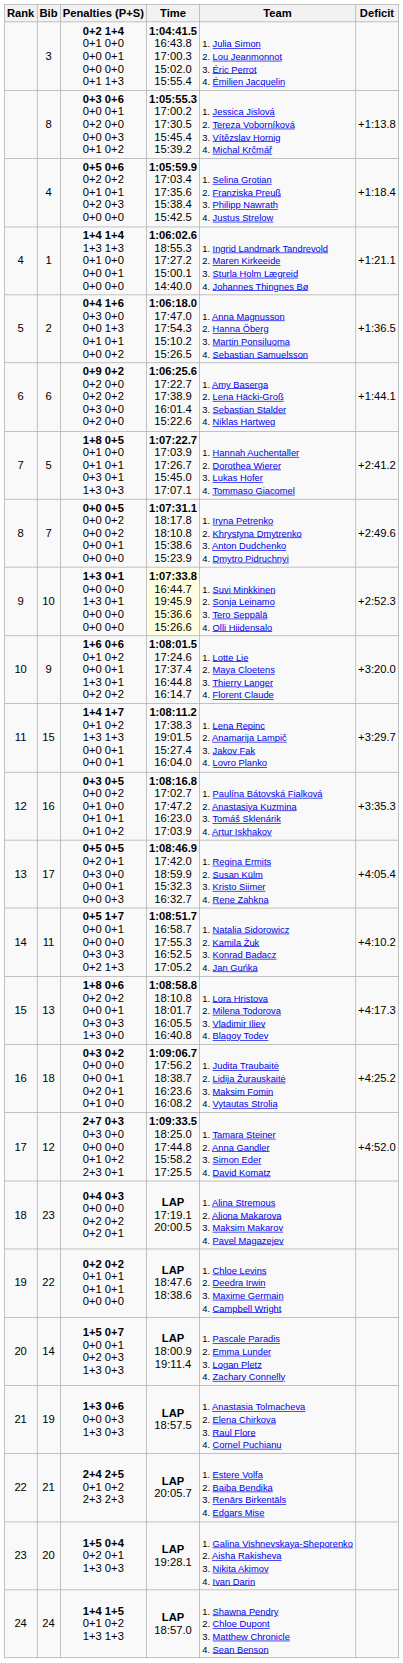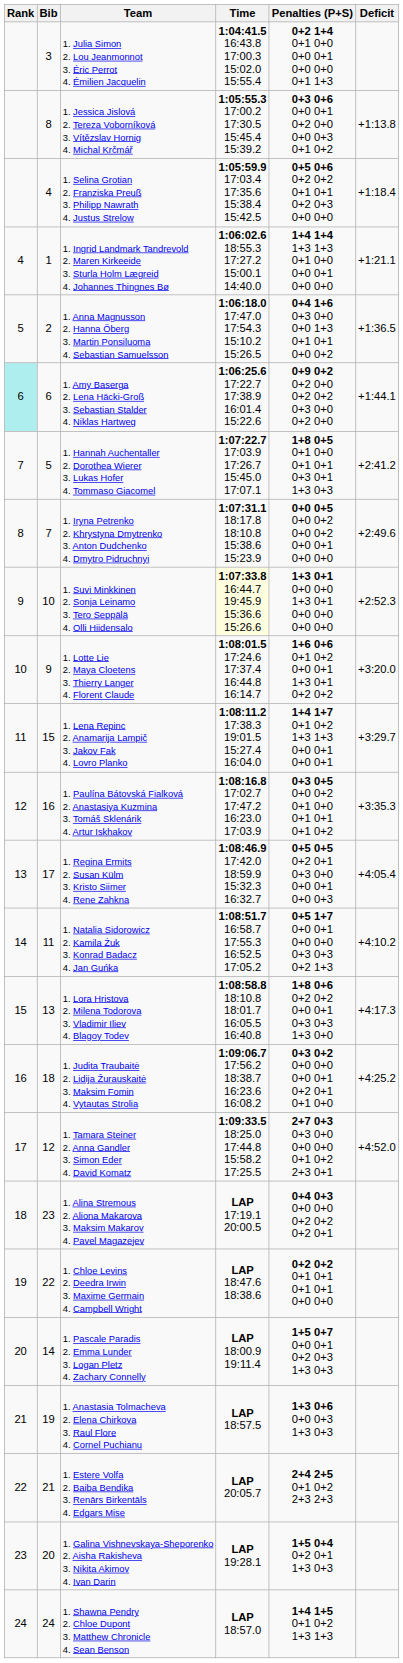 <table class="wikitable sortable" style="text-align:center">
 <tr>
 <th>Rank</th>
 <th>Bib</th>
+<th>Team</th>
+<th>Time</th>
 <th>Penalties (P+S)</th>
-<th>Time</th>
-<th>Team</th>
 <th>Deficit</th>
 </tr>
 <tr>
 <td></td>
 <td>3</td>
+<td align=left><br><small>1. <a href='#'>Julia Simon</a><br>2. <a href='#'>Lou Jeanmonnot</a><br>3. <a href='#'>Éric Perrot</a><br>4. <a href='#'>Émilien Jacquelin</a></small></td>
+<td><strong>1:04:41.5</strong><br>16:43.8<br>17:00.3<br>15:02.0<br>15:55.4</td>
 <td><strong>0+2 1+4</strong><br>0+1 0+0<br>0+0 0+1<br>0+0 0+0<br>0+1 1+3</td>
-<td><strong>1:04:41.5</strong><br>16:43.8<br>17:00.3<br>15:02.0<br>15:55.4</td>
-<td align=left><br><small>1. <a href='#'>Julia Simon</a><br>2. <a href='#'>Lou Jeanmonnot</a><br>3. <a href='#'>Éric Perrot</a><br>4. <a href='#'>Émilien Jacquelin</a></small></td>
 <td></td>
 </tr>
 <tr>
 <td></td>
 <td>8</td>
+<td align=left><br><small>1. <a href='#'>Jessica Jislová</a><br>2. <a href='#'>Tereza Voborníková</a><br>3. <a href='#'>Vítězslav Hornig</a><br>4. <a href='#'>Michal Krčmář</a></small></td>
+<td><strong>1:05:55.3</strong><br>17:00.2<br>17:30.5<br>15:45.4<br>15:39.2</td>
 <td><strong>0+3 0+6</strong><br>0+0 0+1<br>0+2 0+0<br>0+0 0+3<br>0+1 0+2</td>
-<td><strong>1:05:55.3</strong><br>17:00.2<br>17:30.5<br>15:45.4<br>15:39.2</td>
-<td align=left><br><small>1. <a href='#'>Jessica Jislová</a><br>2. <a href='#'>Tereza Voborníková</a><br>3. <a href='#'>Vítězslav Hornig</a><br>4. <a href='#'>Michal Krčmář</a></small></td>
 <td>+1:13.8</td>
 </tr>
 <tr>
 <td></td>
 <td>4</td>
+<td align=left><br><small>1. <a href='#'>Selina Grotian</a><br>2. <a href='#'>Franziska Preuß</a><br>3. <a href='#'>Philipp Nawrath</a><br>4. <a href='#'>Justus Strelow</a></small></td>
+<td><strong>1:05:59.9</strong><br>17:03.4<br>17:35.6<br>15:38.4<br>15:42.5</td>
 <td><strong>0+5 0+6</strong><br>0+2 0+2<br>0+1 0+1<br>0+2 0+3<br>0+0 0+0</td>
-<td><strong>1:05:59.9</strong><br>17:03.4<br>17:35.6<br>15:38.4<br>15:42.5</td>
-<td align=left><br><small>1. <a href='#'>Selina Grotian</a><br>2. <a href='#'>Franziska Preuß</a><br>3. <a href='#'>Philipp Nawrath</a><br>4. <a href='#'>Justus Strelow</a></small></td>
 <td>+1:18.4</td>
 </tr>
 <tr>
 <td>4</td>
 <td>1</td>
+<td align=left><br><small>1. <a href='#'>Ingrid Landmark Tandrevold</a><br>2. <a href='#'>Maren Kirkeeide</a><br>3. <a href='#'>Sturla Holm Lægreid</a><br>4. <a href='#'>Johannes Thingnes Bø</a></small></td>
+<td><strong>1:06:02.6</strong><br>18:55.3<br>17:27.2<br>15:00.1<br>14:40.0</td>
 <td><strong>1+4 1+4</strong><br>1+3 1+3<br>0+1 0+0<br>0+0 0+1<br>0+0 0+0</td>
-<td><strong>1:06:02.6</strong><br>18:55.3<br>17:27.2<br>15:00.1<br>14:40.0</td>
-<td align=left><br><small>1. <a href='#'>Ingrid Landmark Tandrevold</a><br>2. <a href='#'>Maren Kirkeeide</a><br>3. <a href='#'>Sturla Holm Lægreid</a><br>4. <a href='#'>Johannes Thingnes Bø</a></small></td>
 <td>+1:21.1</td>
 </tr>
 <tr>
 <td>5</td>
 <td>2</td>
+<td align=left><br><small>1. <a href='#'>Anna Magnusson</a><br>2. <a href='#'>Hanna Öberg</a><br>3. <a href='#'>Martin Ponsiluoma</a><br>4. <a href='#'>Sebastian Samuelsson</a></small></td>
+<td><strong>1:06:18.0</strong><br>17:47.0<br>17:54.3<br>15:10.2<br>15:26.5</td>
 <td><strong>0+4 1+6</strong><br>0+3 0+0<br>0+0 1+3<br>0+1 0+1<br>0+0 0+2</td>
-<td><strong>1:06:18.0</strong><br>17:47.0<br>17:54.3<br>15:10.2<br>15:26.5</td>
-<td align=left><br><small>1. <a href='#'>Anna Magnusson</a><br>2. <a href='#'>Hanna Öberg</a><br>3. <a href='#'>Martin Ponsiluoma</a><br>4. <a href='#'>Sebastian Samuelsson</a></small></td>
 <td>+1:36.5</td>
 </tr>
 <tr>
+<td style="background: paleturquoise;">6</td>
 <td>6</td>
-<td>6</td>
+<td align=left><br><small>1. <a href='#'>Amy Baserga</a><br>2. <a href='#'>Lena Häcki-Groß</a><br>3. <a href='#'>Sebastian Stalder</a><br>4. <a href='#'>Niklas Hartweg</a></small></td>
+<td><strong>1:06:25.6</strong><br>17:22.7<br>17:38.9<br>16:01.4<br>15:22.6</td>
 <td><strong>0+9 0+2</strong><br>0+2 0+0<br>0+2 0+2<br>0+3 0+0<br>0+2 0+0</td>
-<td><strong>1:06:25.6</strong><br>17:22.7<br>17:38.9<br>16:01.4<br>15:22.6</td>
-<td align=left><br><small>1. <a href='#'>Amy Baserga</a><br>2. <a href='#'>Lena Häcki-Groß</a><br>3. <a href='#'>Sebastian Stalder</a><br>4. <a href='#'>Niklas Hartweg</a></small></td>
 <td>+1:44.1</td>
 </tr>
 <tr>
 <td>7</td>
 <td>5</td>
+<td align=left><br><small>1. <a href='#'>Hannah Auchentaller</a><br>2. <a href='#'>Dorothea Wierer</a><br>3. <a href='#'>Lukas Hofer</a><br>4. <a href='#'>Tommaso Giacomel</a></small></td>
+<td><strong>1:07:22.7</strong><br>17:03.9<br>17:26.7<br>15:45.0<br>17:07.1</td>
 <td><strong>1+8 0+5</strong><br>0+1 0+0<br>0+1 0+1<br>0+3 0+1<br>1+3 0+3</td>
-<td><strong>1:07:22.7</strong><br>17:03.9<br>17:26.7<br>15:45.0<br>17:07.1</td>
-<td align=left><br><small>1. <a href='#'>Hannah Auchentaller</a><br>2. <a href='#'>Dorothea Wierer</a><br>3. <a href='#'>Lukas Hofer</a><br>4. <a href='#'>Tommaso Giacomel</a></small></td>
 <td>+2:41.2</td>
 </tr>
 <tr>
 <td>8</td>
 <td>7</td>
+<td align=left><br><small>1. <a href='#'>Iryna Petrenko</a><br>2. <a href='#'>Khrystyna Dmytrenko</a><br>3. <a href='#'>Anton Dudchenko</a><br>4. <a href='#'>Dmytro Pidruchnyi</a></small></td>
+<td><strong>1:07:31.1</strong><br>18:17.8<br>18:10.8<br>15:38.6<br>15:23.9</td>
 <td><strong>0+0 0+5</strong><br>0+0 0+2<br>0+0 0+2<br>0+0 0+1<br>0+0 0+0</td>
-<td><strong>1:07:31.1</strong><br>18:17.8<br>18:10.8<br>15:38.6<br>15:23.9</td>
-<td align=left><br><small>1. <a href='#'>Iryna Petrenko</a><br>2. <a href='#'>Khrystyna Dmytrenko</a><br>3. <a href='#'>Anton Dudchenko</a><br>4. <a href='#'>Dmytro Pidruchnyi</a></small></td>
 <td>+2:49.6</td>
 </tr>
 <tr>
 <td>9</td>
 <td>10</td>
+<td align=left><br><small>1. <a href='#'>Suvi Minkkinen</a><br>2. <a href='#'>Sonja Leinamo</a><br>3. <a href='#'>Tero Seppälä</a><br>4. <a href='#'>Olli Hiidensalo</a></small></td>
+<td style="background: lightyellow;"><strong>1:07:33.8</strong><br>16:44.7<br>19:45.9<br>15:36.6<br>15:26.6</td>
 <td><strong>1+3 0+1</strong><br>0+0 0+0<br>1+3 0+1<br>0+0 0+0<br>0+0 0+0</td>
-<td style="background: lightyellow;"><strong>1:07:33.8</strong><br>16:44.7<br>19:45.9<br>15:36.6<br>15:26.6</td>
-<td align=left><br><small>1. <a href='#'>Suvi Minkkinen</a><br>2. <a href='#'>Sonja Leinamo</a><br>3. <a href='#'>Tero Seppälä</a><br>4. <a href='#'>Olli Hiidensalo</a></small></td>
 <td>+2:52.3</td>
 </tr>
 <tr>
 <td>10</td>
 <td>9</td>
+<td align=left><br><small>1. <a href='#'>Lotte Lie</a><br>2. <a href='#'>Maya Cloetens</a><br>3. <a href='#'>Thierry Langer</a><br>4. <a href='#'>Florent Claude</a></small></td>
+<td><strong>1:08:01.5</strong><br>17:24.6<br>17:37.4<br>16:44.8<br>16:14.7</td>
 <td><strong>1+6 0+6</strong><br>0+1 0+2<br>0+0 0+1<br>1+3 0+1<br>0+2 0+2</td>
-<td><strong>1:08:01.5</strong><br>17:24.6<br>17:37.4<br>16:44.8<br>16:14.7</td>
-<td align=left><br><small>1. <a href='#'>Lotte Lie</a><br>2. <a href='#'>Maya Cloetens</a><br>3. <a href='#'>Thierry Langer</a><br>4. <a href='#'>Florent Claude</a></small></td>
 <td>+3:20.0</td>
 </tr>
 <tr>
 <td>11</td>
 <td>15</td>
+<td align=left><br><small>1. <a href='#'>Lena Repinc</a><br>2. <a href='#'>Anamarija Lampič</a><br>3. <a href='#'>Jakov Fak</a><br>4. <a href='#'>Lovro Planko</a></small></td>
+<td><strong>1:08:11.2</strong><br>17:38.3<br>19:01.5<br>15:27.4<br>16:04.0</td>
 <td><strong>1+4 1+7</strong><br>0+1 0+2<br>1+3 1+3<br>0+0 0+1<br>0+0 0+1</td>
-<td><strong>1:08:11.2</strong><br>17:38.3<br>19:01.5<br>15:27.4<br>16:04.0</td>
-<td align=left><br><small>1. <a href='#'>Lena Repinc</a><br>2. <a href='#'>Anamarija Lampič</a><br>3. <a href='#'>Jakov Fak</a><br>4. <a href='#'>Lovro Planko</a></small></td>
 <td>+3:29.7</td>
 </tr>
 <tr>
 <td>12</td>
 <td>16</td>
+<td align=left><br><small>1. <a href='#'>Paulína Bátovská Fialková</a><br>2. <a href='#'>Anastasiya Kuzmina</a><br>3. <a href='#'>Tomáš Sklenárik</a><br>4. <a href='#'>Artur Iskhakov</a></small></td>
+<td><strong>1:08:16.8</strong><br>17:02.7<br>17:47.2<br>16:23.0<br>17:03.9</td>
 <td><strong>0+3 0+5</strong><br>0+0 0+2<br>0+1 0+0<br>0+1 0+1<br>0+1 0+2</td>
-<td><strong>1:08:16.8</strong><br>17:02.7<br>17:47.2<br>16:23.0<br>17:03.9</td>
-<td align=left><br><small>1. <a href='#'>Paulína Bátovská Fialková</a><br>2. <a href='#'>Anastasiya Kuzmina</a><br>3. <a href='#'>Tomáš Sklenárik</a><br>4. <a href='#'>Artur Iskhakov</a></small></td>
 <td>+3:35.3</td>
 </tr>
 <tr>
 <td>13</td>
 <td>17</td>
+<td align=left><br><small>1. <a href='#'>Regina Ermits</a><br>2. <a href='#'>Susan Külm</a><br>3. <a href='#'>Kristo Siimer</a><br>4. <a href='#'>Rene Zahkna</a></small></td>
+<td><strong>1:08:46.9</strong><br>17:42.0<br>18:59.9<br>15:32.3<br>16:32.7</td>
 <td><strong>0+5 0+5</strong><br>0+2 0+1<br>0+3 0+0<br>0+0 0+1<br>0+0 0+3</td>
-<td><strong>1:08:46.9</strong><br>17:42.0<br>18:59.9<br>15:32.3<br>16:32.7</td>
-<td align=left><br><small>1. <a href='#'>Regina Ermits</a><br>2. <a href='#'>Susan Külm</a><br>3. <a href='#'>Kristo Siimer</a><br>4. <a href='#'>Rene Zahkna</a></small></td>
 <td>+4:05.4</td>
 </tr>
 <tr>
 <td>14</td>
 <td>11</td>
+<td align=left><br><small>1. <a href='#'>Natalia Sidorowicz</a><br>2. <a href='#'>Kamila Żuk</a><br>3. <a href='#'>Konrad Badacz</a><br>4. <a href='#'>Jan Guńka</a></small></td>
+<td><strong>1:08:51.7</strong><br>16:58.7<br>17:55.3<br>16:52.5<br>17:05.2</td>
 <td><strong>0+5 1+7</strong><br>0+0 0+1<br>0+0 0+0<br>0+3 0+3<br>0+2 1+3</td>
-<td><strong>1:08:51.7</strong><br>16:58.7<br>17:55.3<br>16:52.5<br>17:05.2</td>
-<td align=left><br><small>1. <a href='#'>Natalia Sidorowicz</a><br>2. <a href='#'>Kamila Żuk</a><br>3. <a href='#'>Konrad Badacz</a><br>4. <a href='#'>Jan Guńka</a></small></td>
 <td>+4:10.2</td>
 </tr>
 <tr>
 <td>15</td>
 <td>13</td>
+<td align=left><br><small>1. <a href='#'>Lora Hristova</a><br>2. <a href='#'>Milena Todorova</a><br>3. <a href='#'>Vladimir Iliev</a><br>4. <a href='#'>Blagoy Todev</a></small></td>
+<td><strong>1:08:58.8</strong><br>18:10.8<br>18:01.7<br>16:05.5<br>16:40.8</td>
 <td><strong>1+8 0+6</strong><br>0+2 0+2<br>0+0 0+1<br>0+3 0+3<br>1+3 0+0</td>
-<td><strong>1:08:58.8</strong><br>18:10.8<br>18:01.7<br>16:05.5<br>16:40.8</td>
-<td align=left><br><small>1. <a href='#'>Lora Hristova</a><br>2. <a href='#'>Milena Todorova</a><br>3. <a href='#'>Vladimir Iliev</a><br>4. <a href='#'>Blagoy Todev</a></small></td>
 <td>+4:17.3</td>
 </tr>
 <tr>
 <td>16</td>
 <td>18</td>
+<td align=left><br><small>1. <a href='#'>Judita Traubaitė</a><br>2. <a href='#'>Lidija Žurauskaitė</a><br>3. <a href='#'>Maksim Fomin</a><br>4. <a href='#'>Vytautas Strolia</a></small></td>
+<td><strong>1:09:06.7</strong><br>17:56.2<br>18:38.7<br>16:23.6<br>16:08.2</td>
 <td><strong>0+3 0+2</strong><br>0+0 0+0<br>0+0 0+1<br>0+2 0+1<br>0+1 0+0</td>
-<td><strong>1:09:06.7</strong><br>17:56.2<br>18:38.7<br>16:23.6<br>16:08.2</td>
-<td align=left><br><small>1. <a href='#'>Judita Traubaitė</a><br>2. <a href='#'>Lidija Žurauskaitė</a><br>3. <a href='#'>Maksim Fomin</a><br>4. <a href='#'>Vytautas Strolia</a></small></td>
 <td>+4:25.2</td>
 </tr>
 <tr>
 <td>17</td>
 <td>12</td>
+<td align=left><br><small>1. <a href='#'>Tamara Steiner</a><br>2. <a href='#'>Anna Gandler</a><br>3. <a href='#'>Simon Eder</a><br>4. <a href='#'>David Komatz</a></small></td>
+<td><strong>1:09:33.5</strong><br>18:25.0<br>17:44.8<br>15:58.2<br>17:25.5</td>
 <td><strong>2+7 0+3</strong><br>0+3 0+0<br>0+0 0+0<br>0+1 0+2<br>2+3 0+1</td>
-<td><strong>1:09:33.5</strong><br>18:25.0<br>17:44.8<br>15:58.2<br>17:25.5</td>
-<td align=left><br><small>1. <a href='#'>Tamara Steiner</a><br>2. <a href='#'>Anna Gandler</a><br>3. <a href='#'>Simon Eder</a><br>4. <a href='#'>David Komatz</a></small></td>
 <td>+4:52.0</td>
 </tr>
 <tr>
 <td>18</td>
 <td>23</td>
+<td align=left><br><small>1. <a href='#'>Alina Stremous</a><br>2. <a href='#'>Aliona Makarova</a><br>3. <a href='#'>Maksim Makarov</a><br>4. <a href='#'>Pavel Magazejev</a></small></td>
+<td><strong>LAP</strong><br>17:19.1<br>20:00.5</td>
 <td><strong>0+4 0+3</strong><br>0+0 0+0<br>0+2 0+2<br>0+2 0+1</td>
-<td><strong>LAP</strong><br>17:19.1<br>20:00.5</td>
-<td align=left><br><small>1. <a href='#'>Alina Stremous</a><br>2. <a href='#'>Aliona Makarova</a><br>3. <a href='#'>Maksim Makarov</a><br>4. <a href='#'>Pavel Magazejev</a></small></td>
 <td></td>
 </tr>
 <tr>
 <td>19</td>
 <td>22</td>
+<td align=left><br><small>1. <a href='#'>Chloe Levins</a><br>2. <a href='#'>Deedra Irwin</a><br>3. <a href='#'>Maxime Germain</a><br>4. <a href='#'>Campbell Wright</a></small></td>
+<td><strong>LAP</strong><br>18:47.6<br>18:38.6</td>
 <td><strong>0+2 0+2</strong><br>0+1 0+1<br>0+1 0+1<br>0+0 0+0</td>
-<td><strong>LAP</strong><br>18:47.6<br>18:38.6</td>
-<td align=left><br><small>1. <a href='#'>Chloe Levins</a><br>2. <a href='#'>Deedra Irwin</a><br>3. <a href='#'>Maxime Germain</a><br>4. <a href='#'>Campbell Wright</a></small></td>
 <td></td>
 </tr>
 <tr>
 <td>20</td>
 <td>14</td>
+<td align=left><br><small>1. <a href='#'>Pascale Paradis</a><br>2. <a href='#'>Emma Lunder</a><br>3. <a href='#'>Logan Pletz</a><br>4. <a href='#'>Zachary Connelly</a></small></td>
+<td><strong>LAP</strong><br>18:00.9<br>19:11.4</td>
 <td><strong>1+5 0+7</strong><br>0+0 0+1<br>0+2 0+3<br>1+3 0+3</td>
-<td><strong>LAP</strong><br>18:00.9<br>19:11.4</td>
-<td align=left><br><small>1. <a href='#'>Pascale Paradis</a><br>2. <a href='#'>Emma Lunder</a><br>3. <a href='#'>Logan Pletz</a><br>4. <a href='#'>Zachary Connelly</a></small></td>
 <td></td>
 </tr>
 <tr>
 <td>21</td>
 <td>19</td>
+<td align=left><br><small>1. <a href='#'>Anastasia Tolmacheva</a><br>2. <a href='#'>Elena Chirkova</a><br>3. <a href='#'>Raul Flore</a><br>4. <a href='#'>Cornel Puchianu</a></small></td>
+<td><strong>LAP</strong><br>18:57.5</td>
 <td><strong>1+3 0+6</strong><br>0+0 0+3<br>1+3 0+3</td>
-<td><strong>LAP</strong><br>18:57.5</td>
-<td align=left><br><small>1. <a href='#'>Anastasia Tolmacheva</a><br>2. <a href='#'>Elena Chirkova</a><br>3. <a href='#'>Raul Flore</a><br>4. <a href='#'>Cornel Puchianu</a></small></td>
 <td></td>
 </tr>
 <tr>
 <td>22</td>
 <td>21</td>
+<td align=left><br><small>1. <a href='#'>Estere Volfa</a><br>2. <a href='#'>Baiba Bendika</a><br>3. <a href='#'>Renārs Birkentāls</a><br>4. <a href='#'>Edgars Mise</a></small></td>
+<td><strong>LAP</strong><br>20:05.7</td>
 <td><strong>2+4 2+5</strong><br>0+1 0+2<br>2+3 2+3</td>
-<td><strong>LAP</strong><br>20:05.7</td>
-<td align=left><br><small>1. <a href='#'>Estere Volfa</a><br>2. <a href='#'>Baiba Bendika</a><br>3. <a href='#'>Renārs Birkentāls</a><br>4. <a href='#'>Edgars Mise</a></small></td>
 <td></td>
 </tr>
 <tr>
 <td>23</td>
 <td>20</td>
+<td align=left><br><small>1. <a href='#'>Galina Vishnevskaya-Sheporenko</a><br>2. <a href='#'>Aisha Rakisheva</a><br>3. <a href='#'>Nikita Akimov</a><br>4. <a href='#'>Ivan Darin</a></small></td>
+<td><strong>LAP</strong><br>19:28.1</td>
 <td><strong>1+5 0+4</strong><br>0+2 0+1<br>1+3 0+3</td>
-<td><strong>LAP</strong><br>19:28.1</td>
-<td align=left><br><small>1. <a href='#'>Galina Vishnevskaya-Sheporenko</a><br>2. <a href='#'>Aisha Rakisheva</a><br>3. <a href='#'>Nikita Akimov</a><br>4. <a href='#'>Ivan Darin</a></small></td>
 <td></td>
 </tr>
 <tr>
 <td>24</td>
 <td>24</td>
+<td align=left><br><small>1. <a href='#'>Shawna Pendry</a><br>2. <a href='#'>Chloe Dupont</a><br>3. <a href='#'>Matthew Chronicle</a><br>4. <a href='#'>Sean Benson</a></small></td>
+<td><strong>LAP</strong><br>18:57.0</td>
 <td><strong>1+4 1+5</strong><br>0+1 0+2<br>1+3 1+3</td>
-<td><strong>LAP</strong><br>18:57.0</td>
-<td align=left><br><small>1. <a href='#'>Shawna Pendry</a><br>2. <a href='#'>Chloe Dupont</a><br>3. <a href='#'>Matthew Chronicle</a><br>4. <a href='#'>Sean Benson</a></small></td>
 <td></td>
 </tr>
 </table>
